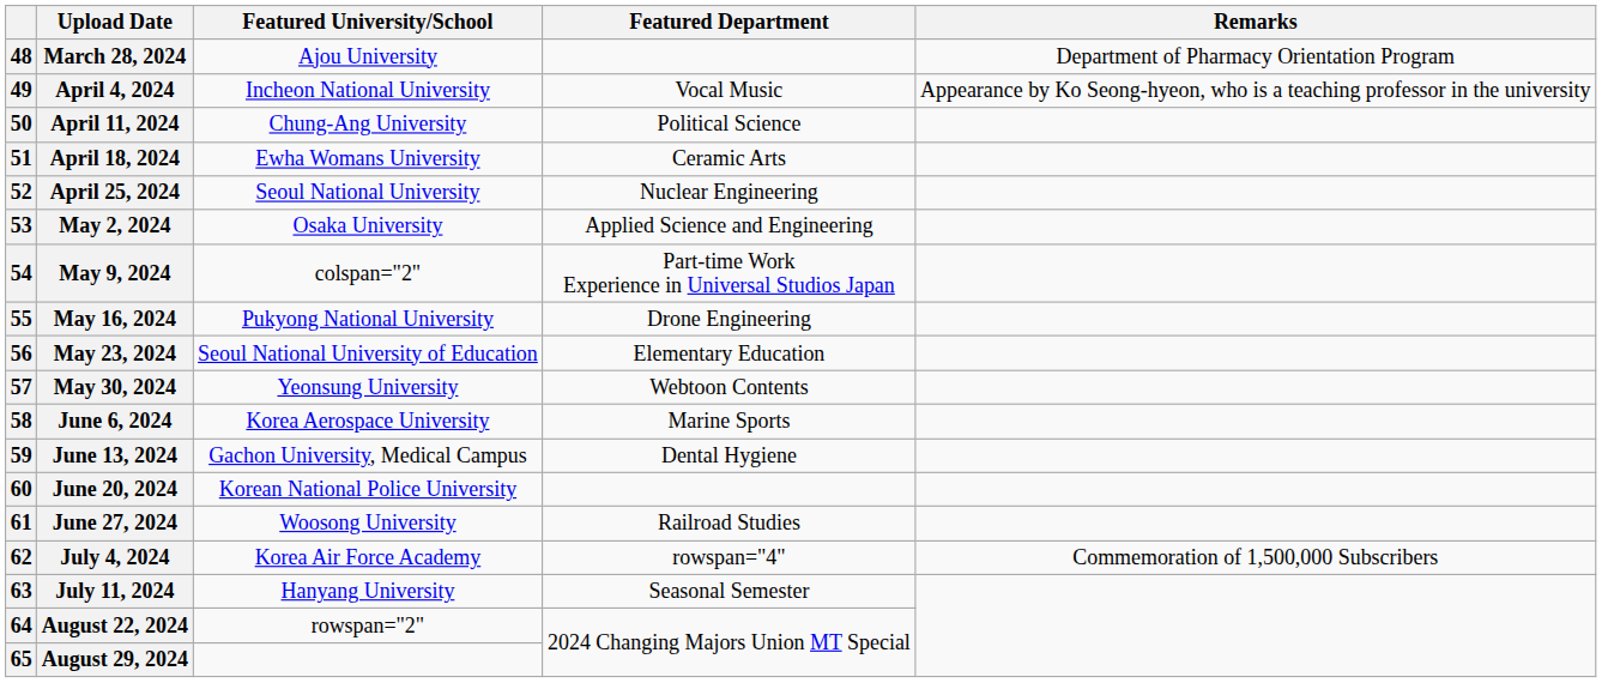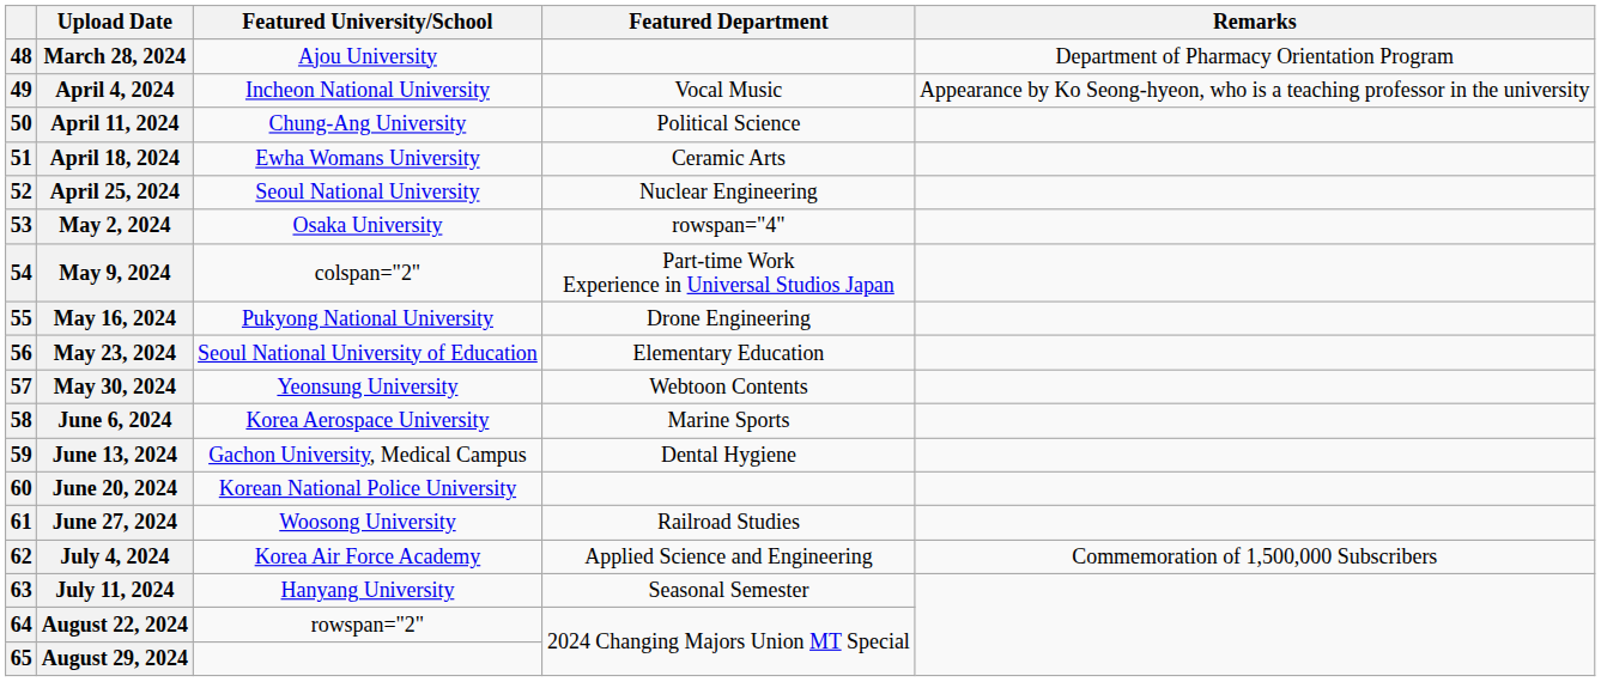 <table class="wikitable plainrowheaders" style="text-align:center">
 <tr>
 <th></th>
 <th>Upload Date</th>
 <th>Featured University/School</th>
 <th>Featured Department</th>
 <th>Remarks</th>
 </tr>
 <tr>
 <th>48</th>
 <th>March 28, 2024</th>
 <td><a href='#'>Ajou University</a></td>
 <td></td>
 <td>Department of Pharmacy Orientation Program</td>
 </tr>
 <tr>
 <th>49</th>
 <th>April 4, 2024</th>
 <td><a href='#'>Incheon National University</a></td>
 <td>Vocal Music</td>
 <td>Appearance by Ko Seong-hyeon, who is a teaching professor in the university</td>
 </tr>
 <tr>
 <th>50</th>
 <th>April 11, 2024</th>
 <td><a href='#'>Chung-Ang University</a></td>
 <td>Political Science</td>
 <td></td>
 </tr>
 <tr>
 <th>51</th>
 <th>April 18, 2024</th>
 <td><a href='#'>Ewha Womans University</a></td>
 <td>Ceramic Arts</td>
 <td></td>
 </tr>
 <tr>
 <th>52</th>
 <th>April 25, 2024</th>
 <td><a href='#'>Seoul National University</a></td>
 <td>Nuclear Engineering</td>
 <td></td>
 </tr>
 <tr>
 <th>53</th>
 <th>May 2, 2024</th>
 <td><a href='#'>Osaka University</a></td>
-<td>Applied Science and Engineering</td>
+<td>rowspan="4" </td>
 <td></td>
 </tr>
 <tr>
 <th>54</th>
 <th>May 9, 2024</th>
 <td>colspan="2" </td>
 <td>Part-time Work<br>Experience in <a href='#'>Universal Studios Japan</a></td>
 </tr>
 <tr>
 <th>55</th>
 <th>May 16, 2024</th>
 <td><a href='#'>Pukyong National University</a></td>
 <td>Drone Engineering</td>
 <td></td>
 </tr>
 <tr>
 <th>56</th>
 <th>May 23, 2024</th>
 <td><a href='#'>Seoul National University of Education</a></td>
 <td>Elementary Education</td>
 <td></td>
 </tr>
 <tr>
 <th>57</th>
 <th>May 30, 2024</th>
 <td><a href='#'>Yeonsung University</a></td>
 <td>Webtoon Contents</td>
 <td></td>
 </tr>
 <tr>
 <th>58</th>
 <th>June 6, 2024</th>
 <td><a href='#'>Korea Aerospace University</a></td>
 <td>Marine Sports</td>
 <td></td>
 </tr>
 <tr>
 <th>59</th>
 <th>June 13, 2024</th>
 <td><a href='#'>Gachon University</a>, Medical Campus</td>
 <td>Dental Hygiene</td>
 <td></td>
 </tr>
 <tr>
 <th>60</th>
 <th>June 20, 2024</th>
 <td><a href='#'>Korean National Police University</a></td>
 <td></td>
 <td></td>
 </tr>
 <tr>
 <th>61</th>
 <th>June 27, 2024</th>
 <td><a href='#'>Woosong University</a></td>
 <td>Railroad Studies</td>
 <td></td>
 </tr>
 <tr>
 <th>62</th>
 <th>July 4, 2024</th>
 <td><a href='#'>Korea Air Force Academy</a></td>
-<td>rowspan="4" </td>
+<td>Applied Science and Engineering</td>
 <td>Commemoration of 1,500,000 Subscribers</td>
 </tr>
 <tr>
 <th>63</th>
 <th>July 11, 2024</th>
 <td><a href='#'>Hanyang University</a></td>
 <td>Seasonal Semester</td>
 </tr>
 <tr>
 <th>64</th>
 <th>August 22, 2024</th>
 <td>rowspan="2" </td>
 <td rowspan="2">2024 Changing Majors Union <a href='#'>MT</a> Special</td>
 </tr>
 <tr>
 <th>65</th>
 <th>August 29, 2024</th>
 </tr>
 </table>
